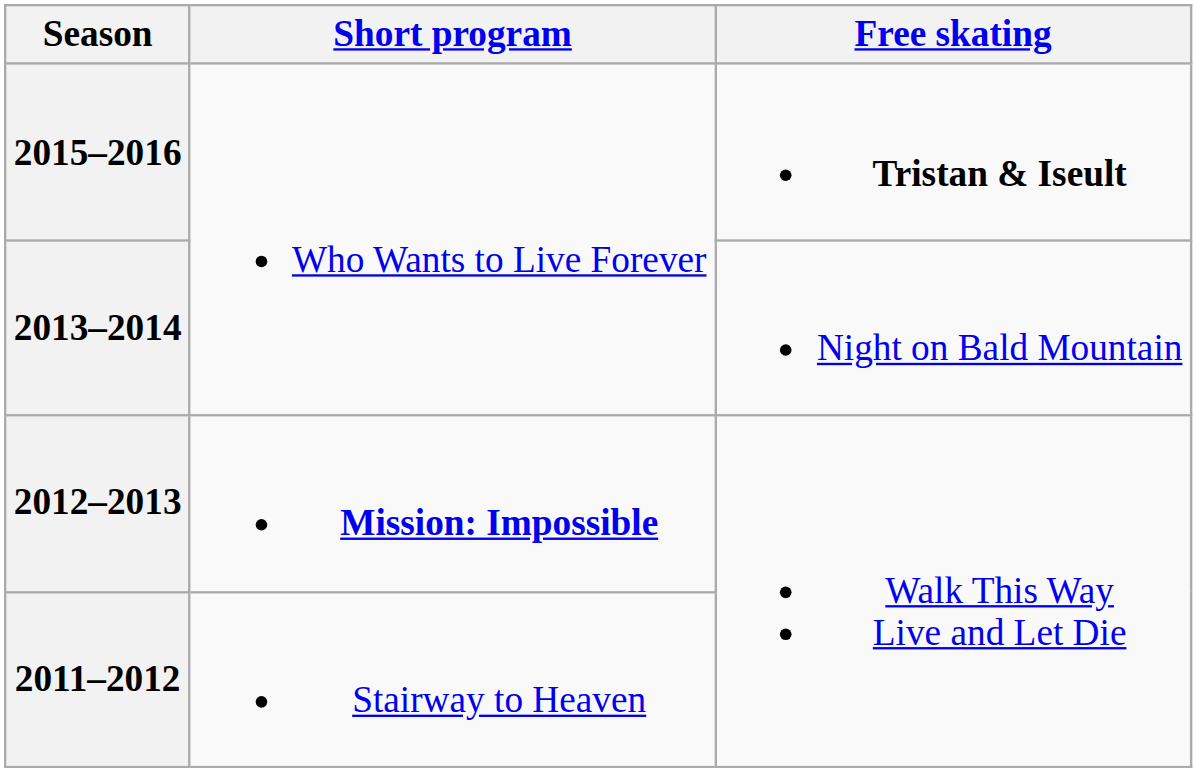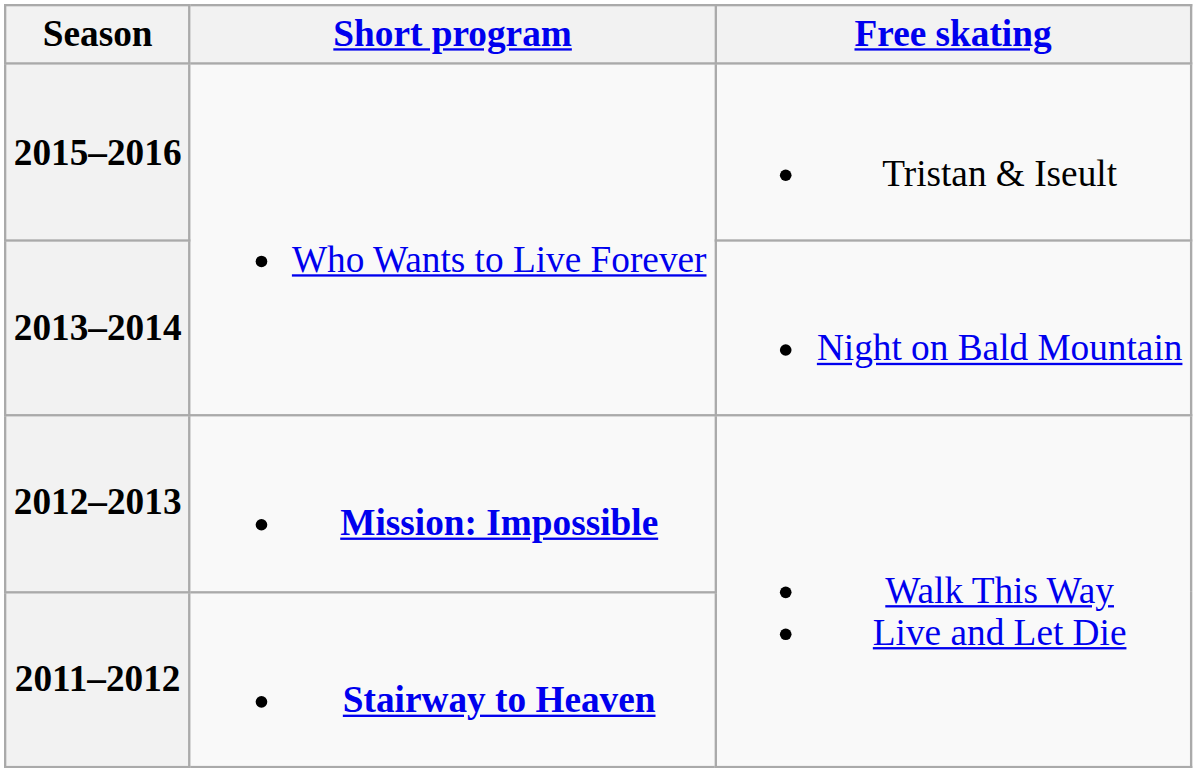 <table class=wikitable style=text-align:center>
 <tr>
 <th>Season</th>
 <th><a href='#'>Short program</a></th>
 <th><a href='#'>Free skating</a></th>
 </tr>
 <tr>
 <th>2015–2016 <br> </th>
 <td rowspan=2><br><ul><li><a href='#'>Who Wants to Live Forever</a> <br></li></ul></td>
-<td><strong><br><ul><li>Tristan & Iseult <br></li></ul></strong></td>
+<td><br><ul><li>Tristan & Iseult <br></li></ul></td>
 </tr>
 <tr>
 <th>2013–2014 <br> </th>
 <td><br><ul><li><a href='#'>Night on Bald Mountain</a> <br></li></ul></td>
 </tr>
 <tr>
 <th>2012–2013 <br> </th>
 <td><strong><br><ul><li><a href='#'>Mission: Impossible</a> <br></li></ul></strong></td>
 <td rowspan=2><br><ul><li><a href='#'>Walk This Way</a> <br></li><li><a href='#'>Live and Let Die</a> <br></li></ul></td>
 </tr>
 <tr>
 <th>2011–2012 <br> </th>
-<td><br><ul><li><a href='#'>Stairway to Heaven</a> <br></li></ul></td>
+<td><strong><br><ul><li><a href='#'>Stairway to Heaven</a> <br></li></ul></strong></td>
 </tr>
 </table>
